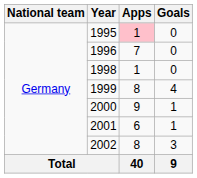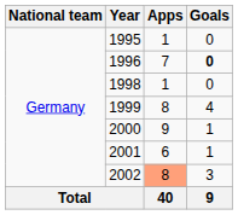 <table class="wikitable" style="text-align:center">
 <tr>
 <th>National team</th>
 <th>Year</th>
 <th>Apps</th>
 <th>Goals</th>
 </tr>
 <tr>
 <td rowspan="7"><a href='#'>Germany</a></td>
 <td>1995</td>
-<td style="background: pink;">1</td>
+<td>1</td>
 <td>0</td>
 </tr>
 <tr>
 <td>1996</td>
 <td>7</td>
-<td>0</td>
+<td><strong>0</strong></td>
 </tr>
 <tr>
 <td>1998</td>
 <td>1</td>
 <td>0</td>
 </tr>
 <tr>
 <td>1999</td>
 <td>8</td>
 <td>4</td>
 </tr>
 <tr>
 <td>2000</td>
 <td>9</td>
 <td>1</td>
 </tr>
 <tr>
 <td>2001</td>
 <td>6</td>
 <td>1</td>
 </tr>
 <tr>
 <td>2002</td>
-<td>8</td>
+<td style="background: lightsalmon;">8</td>
 <td>3</td>
 </tr>
 <tr>
 <th colspan="2">Total</th>
 <th>40</th>
 <th>9</th>
 </tr>
 </table>
